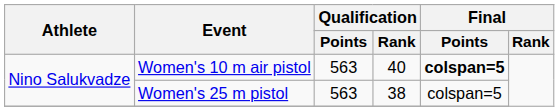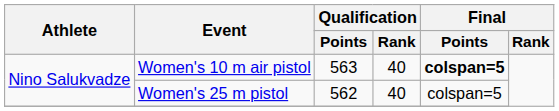 <table class="wikitable" style="font-size:90%">
 <tr>
 <th rowspan="2">Athlete</th>
 <th rowspan="2">Event</th>
 <th colspan=2>Qualification</th>
 <th colspan=2>Final</th>
 </tr>
 <tr style="font-size:95%">
 <th>Points</th>
 <th>Rank</th>
 <th>Points</th>
 <th>Rank</th>
 </tr>
 <tr align=center>
 <td align=left rowspan=2><a href='#'>Nino Salukvadze</a></td>
 <td align=left><a href='#'>Women's 10 m air pistol</a></td>
 <td>563</td>
 <td>40</td>
 <td><strong>colspan=5</strong></td>
 </tr>
 <tr align=center>
 <td align=left><a href='#'>Women's 25 m pistol</a></td>
-<td>563</td>
-<td>38</td>
+<td>562</td>
+<td>40</td>
 <td>colspan=5</td>
 </tr>
 <tr align=center>
 </tr>
 </table>
